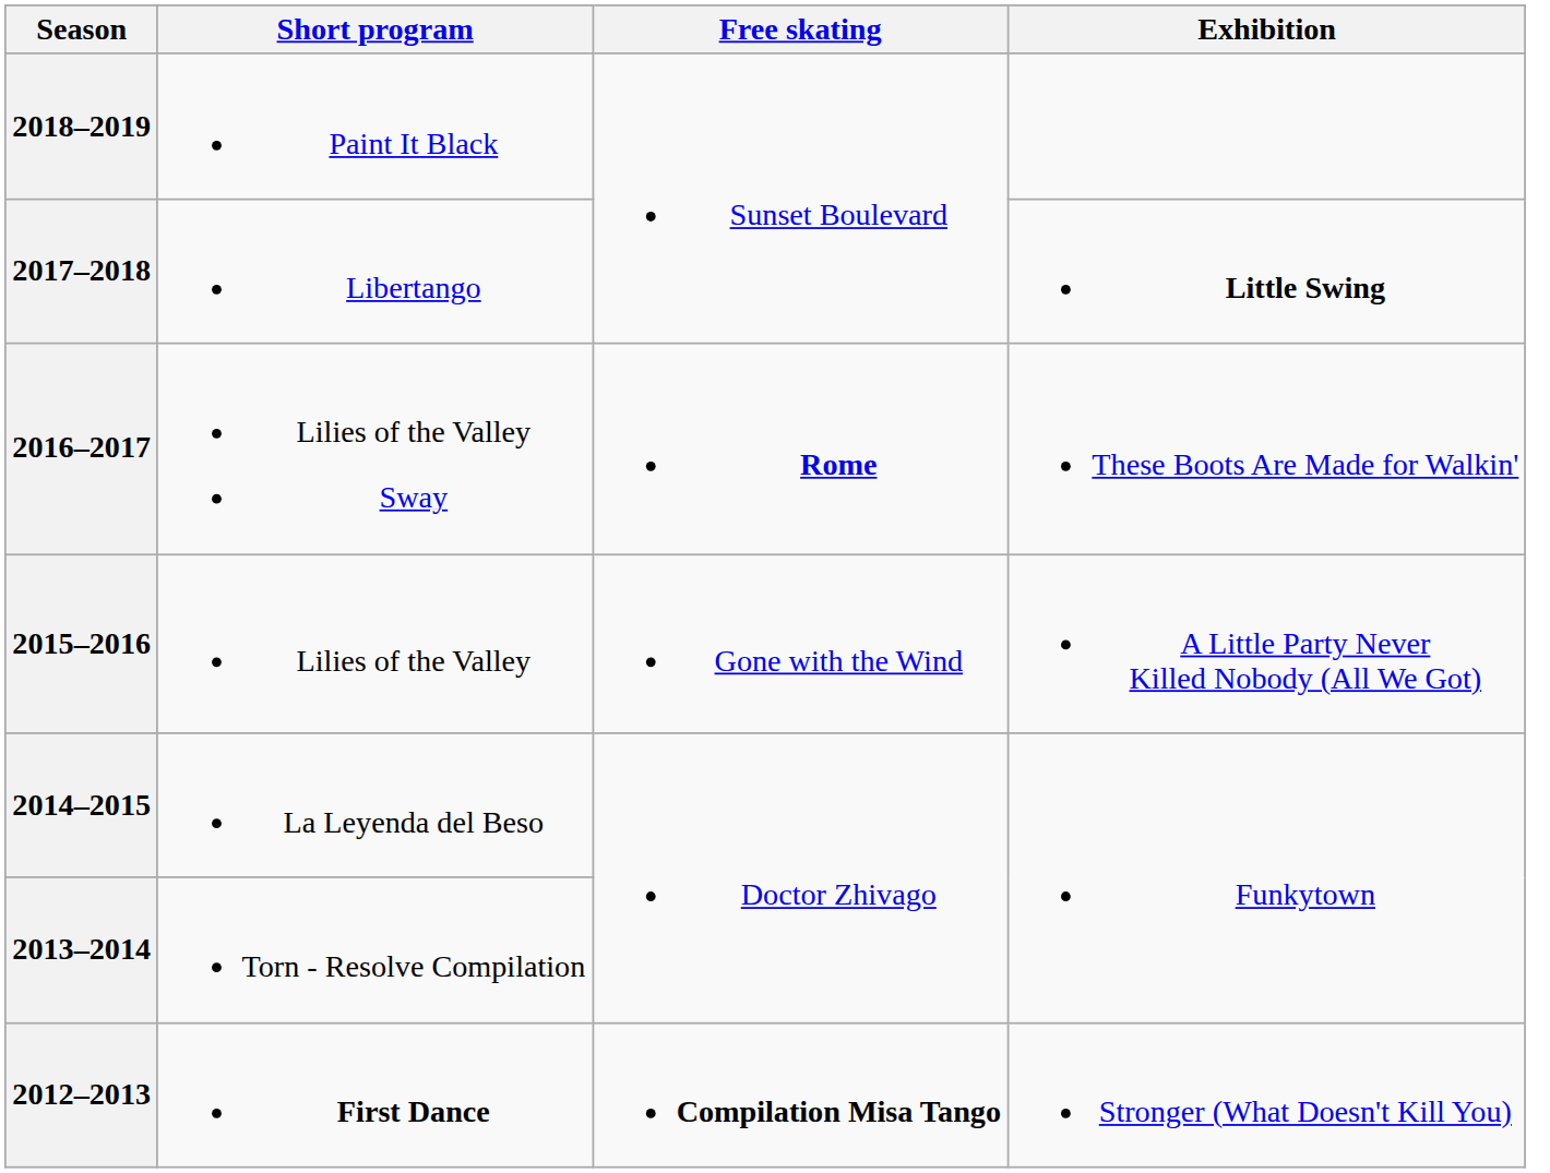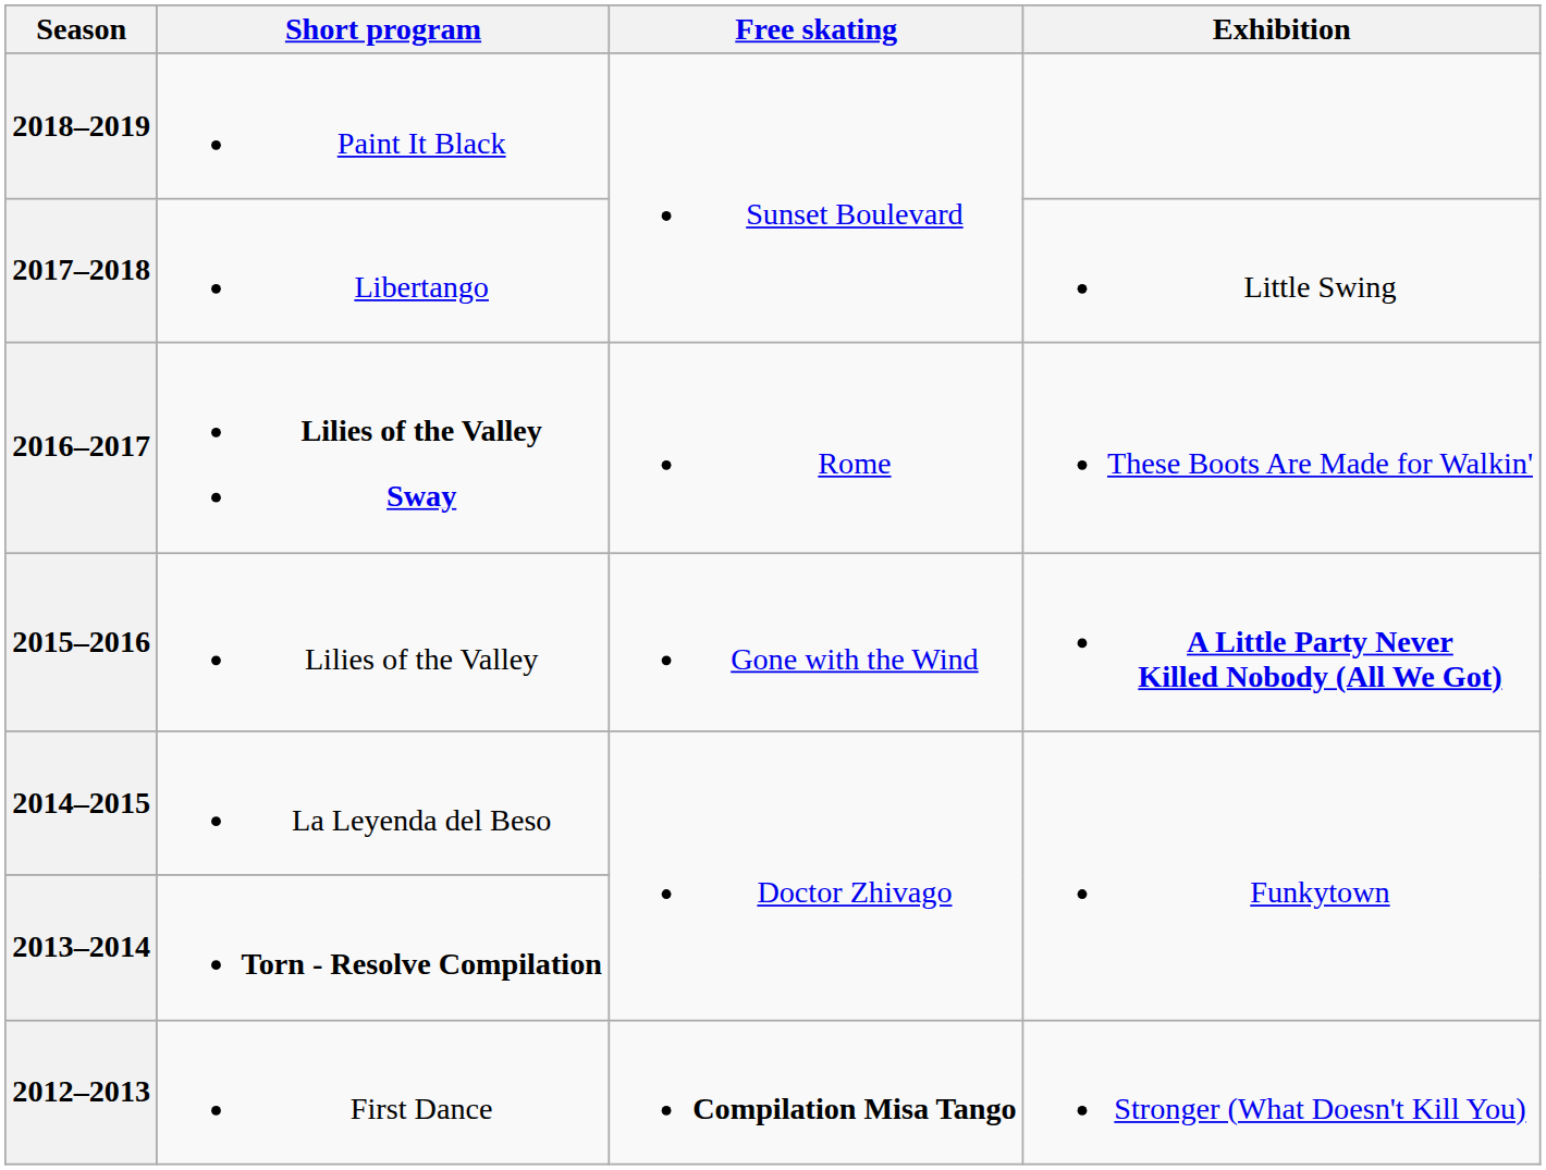 <table class=wikitable style=text-align:center>
 <tr>
 <th>Season</th>
 <th><a href='#'>Short program</a></th>
 <th><a href='#'>Free skating</a></th>
 <th>Exhibition</th>
 </tr>
 <tr>
 <th>2018–2019 <br></th>
 <td><br><ul><li><a href='#'>Paint It Black</a> <br></li></ul></td>
 <td rowspan=2><br><ul><li><a href='#'>Sunset Boulevard</a> <br></li></ul></td>
 <td></td>
 </tr>
 <tr>
 <th>2017–2018 <br></th>
 <td><br><ul><li><a href='#'>Libertango</a> <br></li></ul></td>
-<td><strong><br><ul><li>Little Swing <br></li></ul></strong></td>
+<td><br><ul><li>Little Swing <br></li></ul></td>
 </tr>
 <tr>
 <th>2016–2017 <br></th>
-<td><br><ul><li>Lilies of the Valley <br></li></ul><ul><li><a href='#'>Sway</a> <br></li></ul></td>
-<td><strong><br><ul><li><a href='#'>Rome</a> <br></li></ul></strong></td>
+<td><strong><br><ul><li>Lilies of the Valley <br></li></ul><ul><li><a href='#'>Sway</a> <br></li></ul></strong></td>
+<td><br><ul><li><a href='#'>Rome</a> <br></li></ul></td>
 <td><br><ul><li><a href='#'>These Boots Are Made for Walkin'</a> <br></li></ul></td>
 </tr>
 <tr>
 <th>2015–2016 <br></th>
 <td><br><ul><li>Lilies of the Valley <br></li></ul></td>
 <td><br><ul><li><a href='#'>Gone with the Wind</a> <br></li></ul></td>
-<td><br><ul><li><a href='#'>A Little Party Never<br>Killed Nobody (All We Got)</a> <br></li></ul></td>
+<td><strong><br><ul><li><a href='#'>A Little Party Never<br>Killed Nobody (All We Got)</a> <br></li></ul></strong></td>
 </tr>
 <tr>
 <th>2014–2015 <br></th>
 <td><br><ul><li>La Leyenda del Beso <br></li></ul></td>
 <td rowspan=2><br><ul><li><a href='#'>Doctor Zhivago</a> <br></li></ul></td>
 <td rowspan=2><br><ul><li><a href='#'>Funkytown</a> <br></li></ul></td>
 </tr>
 <tr>
 <th>2013–2014 <br></th>
-<td><br><ul><li>Torn - Resolve Compilation <br></li></ul></td>
+<td><strong><br><ul><li>Torn - Resolve Compilation <br></li></ul></strong></td>
 </tr>
 <tr>
 <th>2012–2013 <br></th>
-<td><strong><br><ul><li>First Dance <br></li></ul></strong></td>
+<td><br><ul><li>First Dance <br></li></ul></td>
 <td><strong><br><ul><li>Compilation Misa Tango <br></li></ul></strong></td>
 <td><br><ul><li><a href='#'>Stronger (What Doesn't Kill You)</a> <br></li></ul></td>
 </tr>
 </table>
